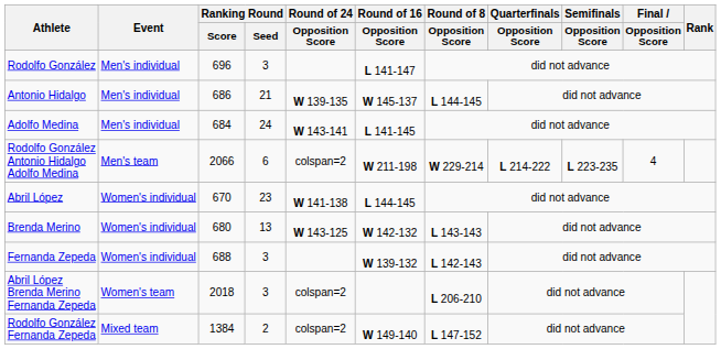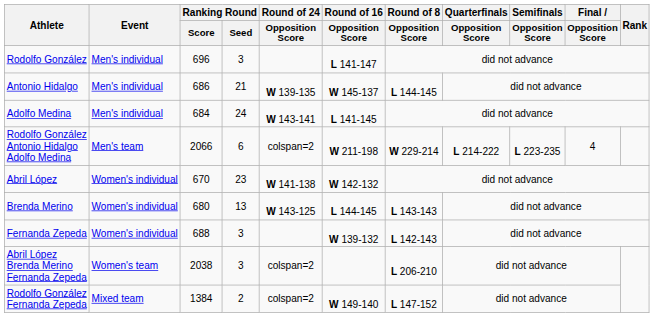 <table class="wikitable" style="font-size:90%">
 <tr>
 <th rowspan="2">Athlete</th>
 <th rowspan="2">Event</th>
 <th colspan="2">Ranking Round</th>
 <th>Round of 24</th>
 <th>Round of 16</th>
 <th>Round of 8</th>
 <th>Quarterfinals</th>
 <th>Semifinals</th>
 <th>Final / </th>
 <th rowspan="2">Rank</th>
 </tr>
 <tr style="font-size:95%">
 <th>Score</th>
 <th>Seed</th>
 <th>Opposition<br>Score</th>
 <th>Opposition<br>Score</th>
 <th>Opposition<br>Score</th>
 <th>Opposition<br>Score</th>
 <th>Opposition<br>Score</th>
 <th>Opposition<br>Score</th>
 </tr>
 <tr align=center>
 <td align=left><a href='#'>Rodolfo González</a></td>
 <td align=left><a href='#'>Men's individual</a></td>
 <td>696</td>
 <td>3</td>
 <td></td>
 <td><br><strong>L</strong> 141-147</td>
 <td colspan=5>did not advance</td>
 </tr>
 <tr align=center>
 <td align=left><a href='#'>Antonio Hidalgo</a></td>
 <td align=left><a href='#'>Men's individual</a></td>
 <td>686</td>
 <td>21</td>
 <td><br><strong>W</strong> 139-135</td>
 <td><br><strong>W</strong> 145-137</td>
 <td><br><strong>L</strong> 144-145</td>
 <td colspan=4>did not advance</td>
 </tr>
 <tr align=center>
 <td align=left><a href='#'>Adolfo Medina</a></td>
 <td align=left><a href='#'>Men's individual</a></td>
 <td>684</td>
 <td>24</td>
 <td><br><strong>W</strong> 143-141</td>
 <td><br><strong>L</strong> 141-145</td>
 <td colspan=5>did not advance</td>
 </tr>
 <tr align=center>
 <td align=left><a href='#'>Rodolfo González</a><br><a href='#'>Antonio Hidalgo</a><br><a href='#'>Adolfo Medina</a></td>
 <td align=left><a href='#'>Men's team</a></td>
 <td>2066</td>
 <td>6</td>
 <td>colspan=2 </td>
 <td><br><strong>W</strong> 211-198</td>
 <td><br><strong>W</strong> 229-214</td>
 <td><br><strong>L</strong> 214-222</td>
 <td><br><strong>L</strong> 223-235</td>
 <td>4</td>
 </tr>
 <tr align=center>
 <td align=left><a href='#'>Abril López</a></td>
 <td align=left><a href='#'>Women's individual</a></td>
 <td>670</td>
 <td>23</td>
 <td><br><strong>W</strong> 141-138</td>
-<td><br><strong>L</strong> 144-145</td>
+<td><br><strong>W</strong> 142-132</td>
 <td colspan=5>did not advance</td>
 </tr>
 <tr align=center>
 <td align=left><a href='#'>Brenda Merino</a></td>
 <td align=left><a href='#'>Women's individual</a></td>
 <td>680</td>
 <td>13</td>
 <td><br><strong>W</strong> 143-125</td>
-<td><br><strong>W</strong> 142-132</td>
+<td><br><strong>L</strong> 144-145</td>
 <td><br><strong>L</strong> 143-143</td>
 <td colspan=4>did not advance</td>
 </tr>
 <tr align=center>
 <td align=left><a href='#'>Fernanda Zepeda</a></td>
 <td align=left><a href='#'>Women's individual</a></td>
 <td>688</td>
 <td>3</td>
 <td></td>
 <td><br><strong>W</strong> 139-132</td>
 <td><br><strong>L</strong> 142-143</td>
 <td colspan=4>did not advance</td>
 </tr>
 <tr align=center>
 <td align=left><a href='#'>Abril López</a><br><a href='#'>Brenda Merino</a><br><a href='#'>Fernanda Zepeda</a></td>
 <td align=left><a href='#'>Women's team</a></td>
-<td>2018</td>
+<td>2038</td>
 <td>3</td>
 <td>colspan=2 </td>
 <td></td>
 <td><br><strong>L</strong> 206-210</td>
 <td colspan=3>did not advance</td>
 </tr>
 <tr align=center>
 <td align=left><a href='#'>Rodolfo González</a><br><a href='#'>Fernanda Zepeda</a></td>
 <td align=left><a href='#'>Mixed team</a></td>
 <td>1384</td>
 <td>2</td>
 <td>colspan=2 </td>
 <td><br><strong>W</strong> 149-140</td>
 <td><br><strong>L</strong> 147-152</td>
 <td colspan=3>did not advance</td>
 </tr>
 </table>
